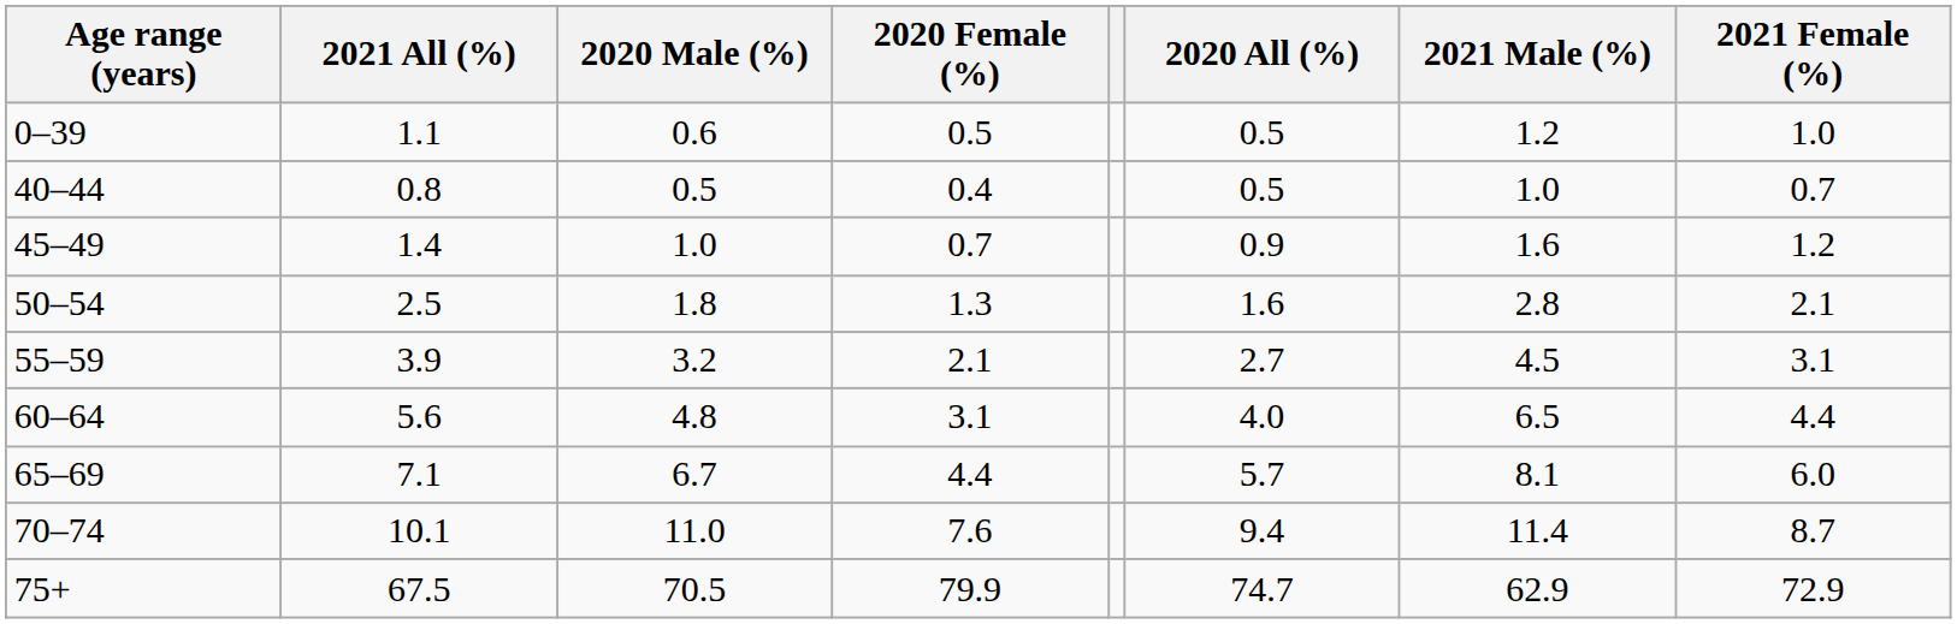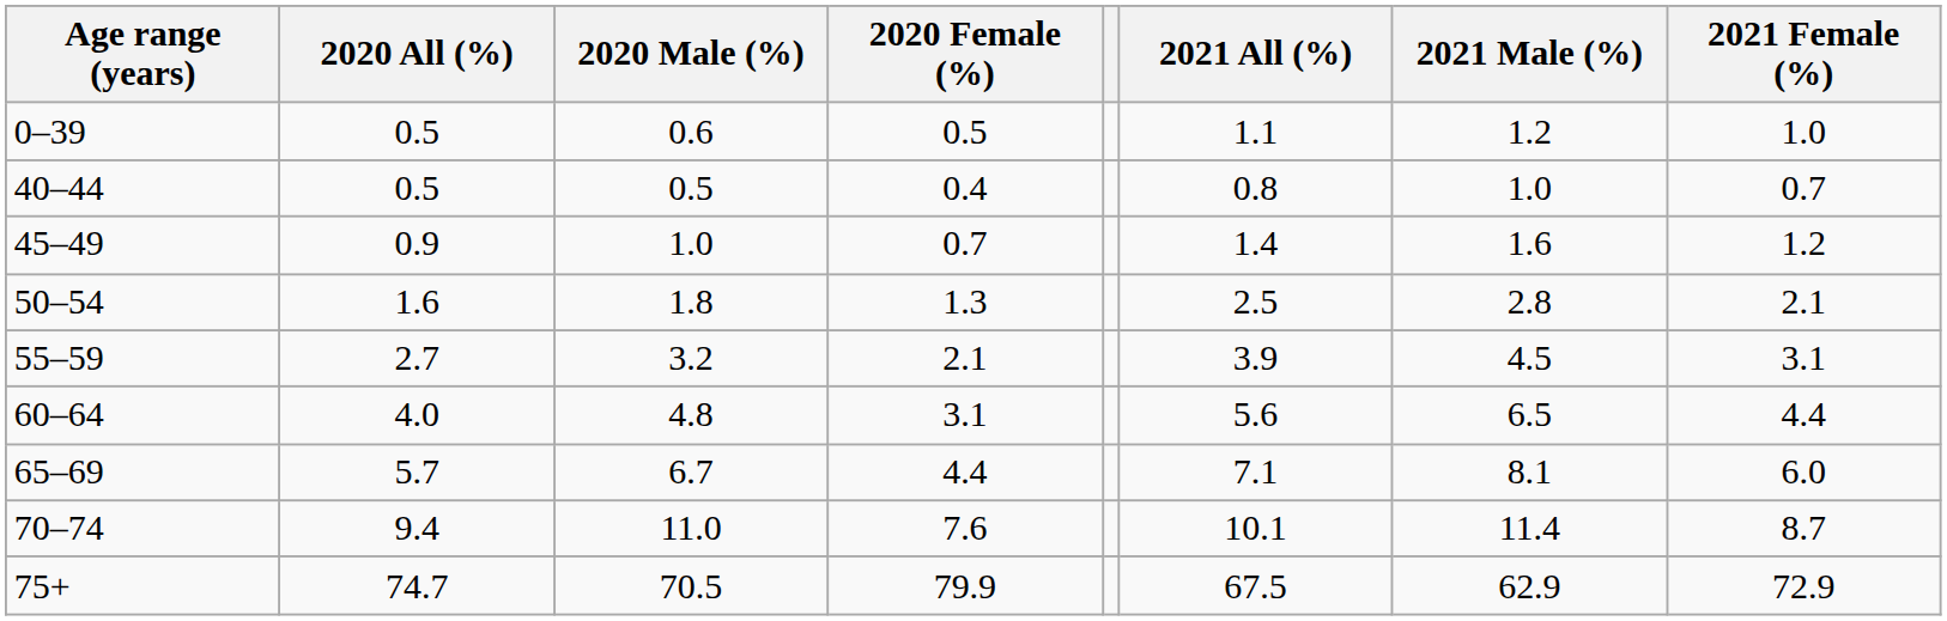 <table class="wikitable">
 <tr>
 <th>Age range (years)</th>
-<th>2021 All (%)</th>
+<th>2020 All (%)</th>
 <th>2020 Male (%)</th>
 <th>2020 Female (%)</th>
 <th></th>
-<th>2020 All (%)</th>
+<th>2021 All (%)</th>
 <th>2021 Male (%)</th>
 <th>2021 Female (%)</th>
 </tr>
 <tr>
 <td style="width: 115px">0–39</td>
-<td style="width: 115px; text-align:center">1.1</td>
+<td style="width: 115px; text-align:center">0.5</td>
 <td style="width: 115px; text-align:center">0.6</td>
 <td style="width: 115px; text-align:center">0.5</td>
 <td></td>
-<td style="width: 115px; text-align:center">0.5</td>
+<td style="width: 115px; text-align:center">1.1</td>
 <td style="width: 115px; text-align:center">1.2</td>
 <td style="width: 115px; text-align:center">1.0</td>
 </tr>
 <tr>
 <td style="width: 100px">40–44</td>
-<td style="width: 115px; text-align:center">0.8</td>
+<td style="width: 100px; text-align:center">0.5</td>
 <td style="width: 100px; text-align:center">0.5</td>
 <td style="width: 100px; text-align:center">0.4</td>
 <td></td>
-<td style="width: 100px; text-align:center">0.5</td>
+<td style="width: 115px; text-align:center">0.8</td>
 <td style="width: 115px; text-align:center">1.0</td>
 <td style="width: 115px; text-align:center">0.7</td>
 </tr>
 <tr>
 <td style="width: 100px">45–49</td>
-<td style="width: 115px; text-align:center">1.4</td>
+<td style="width: 100px; text-align:center">0.9</td>
 <td style="width: 100px; text-align:center">1.0</td>
 <td style="width: 100px; text-align:center">0.7</td>
 <td></td>
-<td style="width: 100px; text-align:center">0.9</td>
+<td style="width: 115px; text-align:center">1.4</td>
 <td style="width: 115px; text-align:center">1.6</td>
 <td style="width: 115px; text-align:center">1.2</td>
 </tr>
 <tr>
 <td style="width: 100px">50–54</td>
-<td style="width: 115px; text-align:center">2.5</td>
+<td style="width: 100px; text-align:center">1.6</td>
 <td style="width: 100px; text-align:center">1.8</td>
 <td style="width: 100px; text-align:center">1.3</td>
 <td></td>
-<td style="width: 100px; text-align:center">1.6</td>
+<td style="width: 115px; text-align:center">2.5</td>
 <td style="width: 115px; text-align:center">2.8</td>
 <td style="width: 115px; text-align:center">2.1</td>
 </tr>
 <tr>
 <td style="width: 100px">55–59</td>
-<td style="width: 115px; text-align:center">3.9</td>
+<td style="width: 100px; text-align:center">2.7</td>
 <td style="width: 100px; text-align:center">3.2</td>
 <td style="width: 100px; text-align:center">2.1</td>
 <td></td>
-<td style="width: 100px; text-align:center">2.7</td>
+<td style="width: 115px; text-align:center">3.9</td>
 <td style="width: 115px; text-align:center">4.5</td>
 <td style="width: 115px; text-align:center">3.1</td>
 </tr>
 <tr>
 <td style="width: 100px">60–64</td>
-<td style="width: 115px; text-align:center">5.6</td>
+<td style="width: 100px; text-align:center">4.0</td>
 <td style="width: 100px; text-align:center">4.8</td>
 <td style="width: 100px; text-align:center">3.1</td>
 <td></td>
-<td style="width: 100px; text-align:center">4.0</td>
+<td style="width: 115px; text-align:center">5.6</td>
 <td style="width: 115px; text-align:center">6.5</td>
 <td style="width: 115px; text-align:center">4.4</td>
 </tr>
 <tr>
 <td style="width: 100px">65–69</td>
-<td style="width: 115px; text-align:center">7.1</td>
+<td style="width: 100px; text-align:center">5.7</td>
 <td style="width: 100px; text-align:center">6.7</td>
 <td style="width: 100px; text-align:center">4.4</td>
 <td></td>
-<td style="width: 100px; text-align:center">5.7</td>
+<td style="width: 115px; text-align:center">7.1</td>
 <td style="width: 115px; text-align:center">8.1</td>
 <td style="width: 115px; text-align:center">6.0</td>
 </tr>
 <tr>
 <td style="width: 100px">70–74</td>
-<td style="width: 115px; text-align:center">10.1</td>
+<td style="width: 100px; text-align:center">9.4</td>
 <td style="width: 100px; text-align:center">11.0</td>
 <td style="width: 100px; text-align:center">7.6</td>
 <td></td>
-<td style="width: 100px; text-align:center">9.4</td>
+<td style="width: 115px; text-align:center">10.1</td>
 <td style="width: 115px; text-align:center">11.4</td>
 <td style="width: 115px; text-align:center">8.7</td>
 </tr>
 <tr>
 <td style="width: 100px">75+</td>
-<td style="width: 115px; text-align:center">67.5</td>
+<td style="width: 100px; text-align:center">74.7</td>
 <td style="width: 100px; text-align:center">70.5</td>
 <td style="width: 100px; text-align:center">79.9</td>
 <td></td>
-<td style="width: 100px; text-align:center">74.7</td>
+<td style="width: 115px; text-align:center">67.5</td>
 <td style="width: 115px; text-align:center">62.9</td>
 <td style="width: 115px; text-align:center">72.9</td>
 </tr>
 </table>
